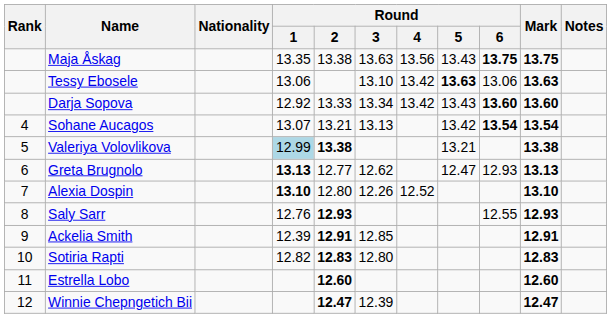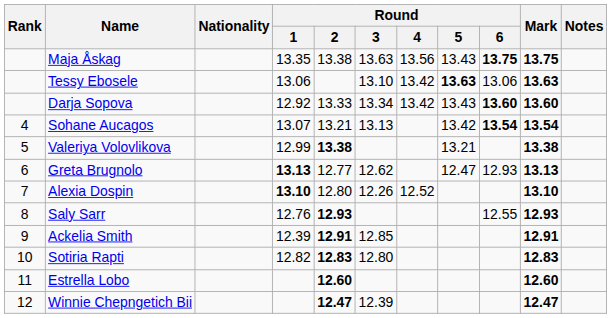 <table class="wikitable sortable" style="text-align:center">
 <tr>
 <th rowspan=2>Rank</th>
 <th rowspan=2>Name</th>
 <th rowspan=2>Nationality</th>
 <th colspan=6>Round</th>
 <th rowspan=2>Mark</th>
 <th rowspan=2>Notes</th>
 </tr>
 <tr>
 <th>1</th>
 <th>2</th>
 <th>3</th>
 <th>4</th>
 <th>5</th>
 <th>6</th>
 </tr>
 <tr>
 <td></td>
 <td align=left><a href='#'>Maja Åskag</a></td>
 <td align=left></td>
 <td>13.35</td>
 <td>13.38</td>
 <td>13.63</td>
 <td>13.56</td>
 <td>13.43</td>
 <td><strong>13.75</strong></td>
 <td><strong>13.75</strong></td>
 <td></td>
 </tr>
 <tr>
 <td></td>
 <td align=left><a href='#'>Tessy Ebosele</a></td>
 <td align=left></td>
 <td>13.06</td>
 <td></td>
 <td>13.10</td>
 <td>13.42</td>
 <td><strong>13.63</strong></td>
 <td>13.06</td>
 <td><strong>13.63</strong></td>
 <td></td>
 </tr>
 <tr>
 <td></td>
 <td align=left><a href='#'>Darja Sopova</a></td>
 <td align=left></td>
 <td>12.92</td>
 <td>13.33</td>
 <td>13.34</td>
 <td>13.42</td>
 <td>13.43</td>
 <td><strong>13.60</strong></td>
 <td><strong>13.60</strong></td>
 <td></td>
 </tr>
 <tr>
 <td>4</td>
 <td align=left><a href='#'>Sohane Aucagos</a></td>
 <td align=left></td>
 <td>13.07</td>
 <td>13.21</td>
 <td>13.13</td>
 <td></td>
 <td>13.42</td>
 <td><strong>13.54</strong></td>
 <td><strong>13.54</strong></td>
 <td></td>
 </tr>
 <tr>
 <td>5</td>
 <td align=left><a href='#'>Valeriya Volovlikova</a></td>
 <td align=left></td>
-<td style="background: lightblue;">12.99</td>
+<td>12.99</td>
 <td><strong>13.38</strong></td>
 <td></td>
 <td></td>
 <td>13.21</td>
 <td></td>
 <td><strong>13.38</strong></td>
 <td></td>
 </tr>
 <tr>
 <td>6</td>
 <td align=left><a href='#'>Greta Brugnolo</a></td>
 <td align=left></td>
 <td><strong>13.13</strong></td>
 <td>12.77</td>
 <td>12.62</td>
 <td></td>
 <td>12.47</td>
 <td>12.93</td>
 <td><strong>13.13</strong></td>
 <td></td>
 </tr>
 <tr>
 <td>7</td>
 <td align=left><a href='#'>Alexia Dospin</a></td>
 <td align=left></td>
 <td><strong>13.10</strong></td>
 <td>12.80</td>
 <td>12.26</td>
 <td>12.52</td>
 <td></td>
 <td></td>
 <td><strong>13.10</strong></td>
 <td></td>
 </tr>
 <tr>
 <td>8</td>
 <td align=left><a href='#'>Saly Sarr</a></td>
 <td align=left></td>
 <td>12.76</td>
 <td><strong>12.93</strong></td>
 <td></td>
 <td></td>
 <td></td>
 <td>12.55</td>
 <td><strong>12.93</strong></td>
 <td></td>
 </tr>
 <tr>
 <td>9</td>
 <td align=left><a href='#'>Ackelia Smith</a></td>
 <td align=left></td>
 <td>12.39</td>
 <td><strong>12.91</strong></td>
 <td>12.85</td>
 <td></td>
 <td></td>
 <td></td>
 <td><strong>12.91</strong></td>
 <td></td>
 </tr>
 <tr>
 <td>10</td>
 <td align=left><a href='#'>Sotiria Rapti</a></td>
 <td align=left></td>
 <td>12.82</td>
 <td><strong>12.83</strong></td>
 <td>12.80</td>
 <td></td>
 <td></td>
 <td></td>
 <td><strong>12.83</strong></td>
 <td></td>
 </tr>
 <tr>
 <td>11</td>
 <td align=left><a href='#'>Estrella Lobo</a></td>
 <td align=left></td>
 <td></td>
 <td><strong>12.60</strong></td>
 <td></td>
 <td></td>
 <td></td>
 <td></td>
 <td><strong>12.60</strong></td>
 <td></td>
 </tr>
 <tr>
 <td>12</td>
 <td align=left><a href='#'>Winnie Chepngetich Bii</a></td>
 <td align=left></td>
 <td></td>
 <td><strong>12.47</strong></td>
 <td>12.39</td>
 <td></td>
 <td></td>
 <td></td>
 <td><strong>12.47</strong></td>
 <td></td>
 </tr>
 </table>
